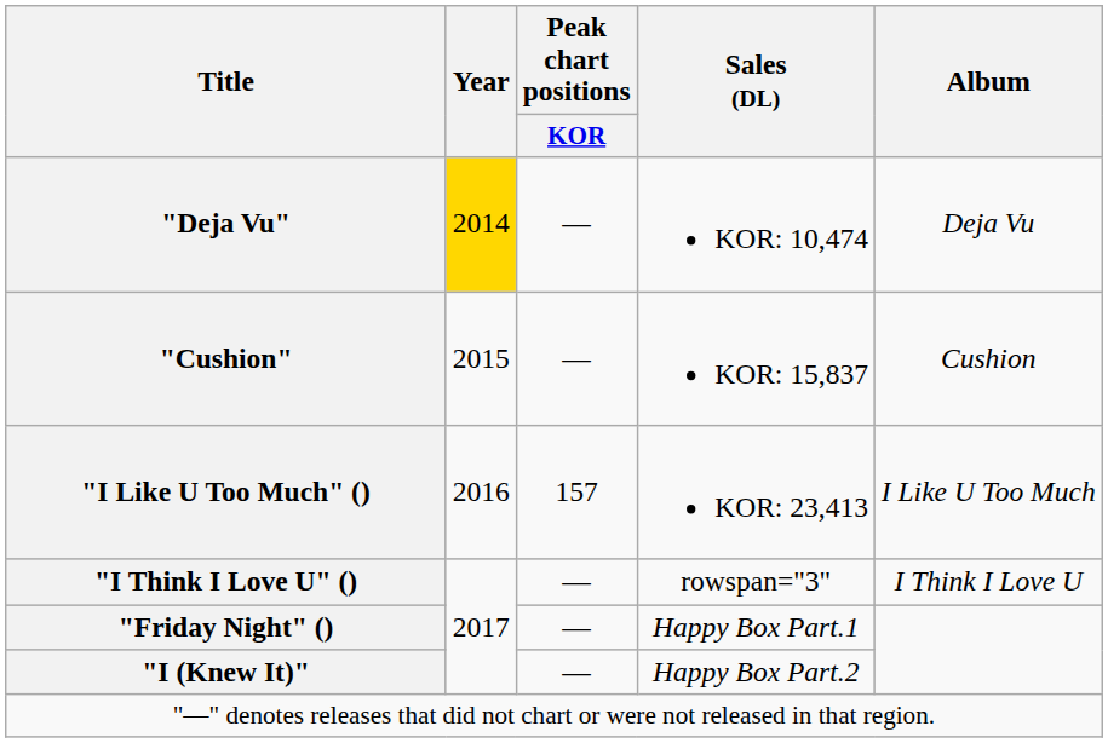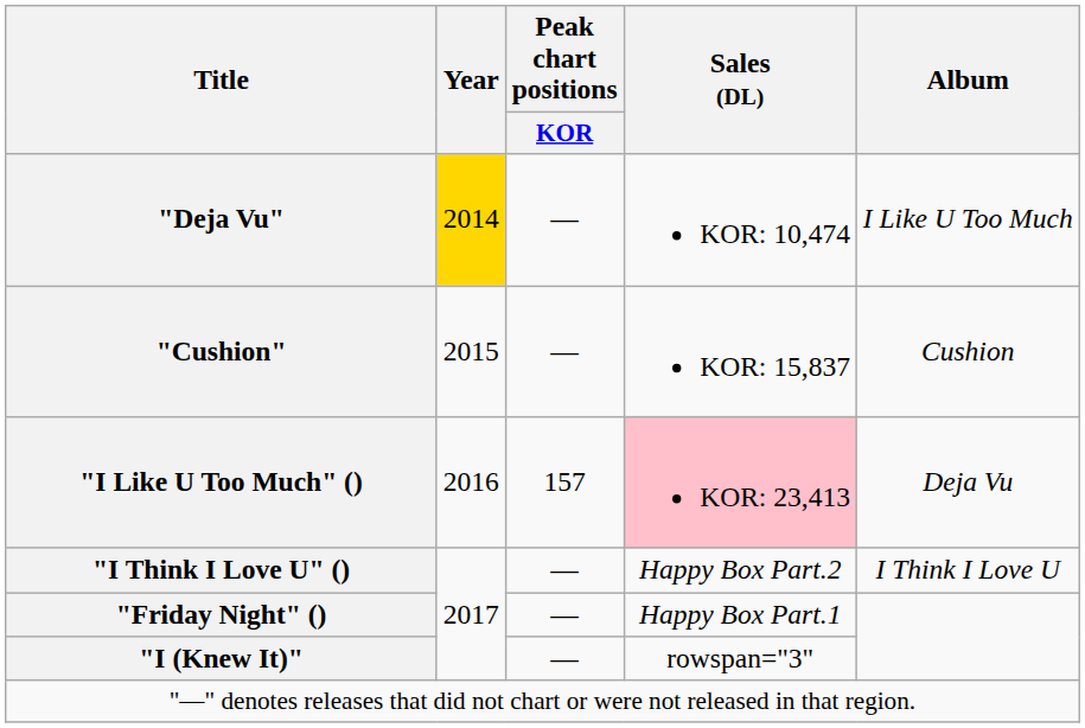 <table class="wikitable plainrowheaders" style="text-align:center;">
 <tr>
 <th scope="col" rowspan="2" style="width:15em;">Title</th>
 <th scope="col" rowspan="2">Year</th>
 <th scope="col" colspan="1">Peak chart positions</th>
 <th scope="col" rowspan="2">Sales<br><small>(DL)</small></th>
 <th scope="col" rowspan="2">Album</th>
 </tr>
 <tr>
 <th scope="col" style="width:3em;font-size:90%;"><a href='#'>KOR</a><br></th>
 </tr>
 <tr>
 <th scope="row">"Deja Vu"</th>
 <td style="background: gold;">2014</td>
 <td>—</td>
 <td><br><ul><li>KOR: 10,474</li></ul></td>
-<td><em>Deja Vu</em></td>
+<td><em>I Like U Too Much</em></td>
 </tr>
 <tr>
 <th scope="row">"Cushion"</th>
 <td>2015</td>
 <td>—</td>
 <td><br><ul><li>KOR: 15,837</li></ul></td>
 <td><em>Cushion</em></td>
 </tr>
 <tr>
 <th scope="row">"I Like U Too Much" ()</th>
 <td>2016</td>
 <td>157</td>
-<td><br><ul><li>KOR: 23,413</li></ul></td>
-<td><em>I Like U Too Much</em></td>
+<td style="background: pink;"><br><ul><li>KOR: 23,413</li></ul></td>
+<td><em>Deja Vu</em></td>
 </tr>
 <tr>
 <th scope="row">"I Think I Love U" ()</th>
 <td rowspan="3">2017</td>
 <td>—</td>
-<td>rowspan="3" </td>
+<td><em>Happy Box Part.2</em></td>
 <td><em>I Think I Love U</em></td>
 </tr>
 <tr>
 <th scope="row">"Friday Night" ()</th>
 <td>—</td>
 <td><em>Happy Box Part.1</em></td>
 </tr>
 <tr>
 <th scope="row">"I (Knew It)"</th>
 <td>—</td>
-<td><em>Happy Box Part.2</em></td>
+<td>rowspan="3" </td>
 </tr>
 <tr>
 <td colspan="5" style="font-size:90%">"—" denotes releases that did not chart or were not released in that region.</td>
 </tr>
 </table>
